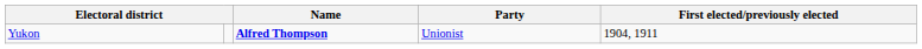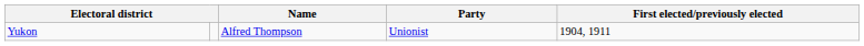 <table class="wikitable" width=95%>
 <tr>
 <th colspan=2 width=25%>Electoral district</th>
 <th>Name</th>
 <th width=20%>Party</th>
 <th>First elected/previously elected</th>
 </tr>
 <tr>
 <td width=24%><a href='#'>Yukon</a></td>
 <td></td>
-<td><strong><a href='#'>Alfred Thompson</a></strong></td>
+<td><a href='#'>Alfred Thompson</a></td>
 <td><a href='#'>Unionist</a></td>
 <td>1904, 1911</td>
 </tr>
 </table>
